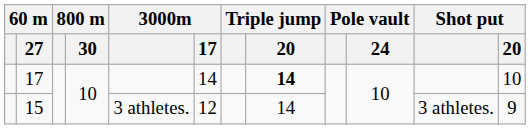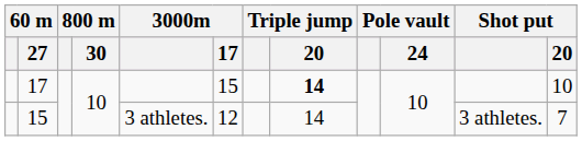 <table class="wikitable">
 <tr>
 <th colspan="2">60 m</th>
 <th colspan="2">800 m</th>
 <th colspan="2">3000m</th>
 <th colspan="2">Triple jump</th>
 <th colspan="2">Pole vault</th>
 <th colspan="2">Shot put</th>
 </tr>
 <tr bgcolor=#ffddff>
 <th></th>
 <th>27</th>
 <th></th>
 <th>30</th>
 <th></th>
 <th>17</th>
 <th></th>
 <th>20</th>
 <th></th>
 <th>24</th>
 <th></th>
 <th>20</th>
 </tr>
 <tr align="center">
 <td></td>
 <td>17</td>
 <td rowspan=2><br></td>
 <td rowspan=2>10</td>
 <td></td>
-<td>14</td>
+<td>15</td>
 <td></td>
 <td><strong>14</strong></td>
 <td rowspan=2><br></td>
 <td rowspan=2>10</td>
 <td></td>
 <td>10</td>
 </tr>
 <tr align="center">
 <td></td>
 <td>15</td>
 <td>3 athletes.</td>
 <td>12</td>
 <td></td>
 <td>14</td>
 <td>3 athletes.</td>
-<td>9</td>
+<td>7</td>
 </tr>
 </table>
